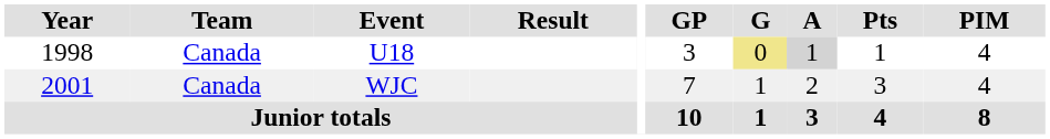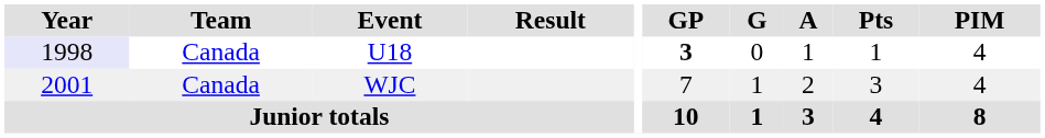 <table border="0" cellpadding="1" cellspacing="0" ID="Table3" style="text-align:center; width:40em">
 <tr ALIGN="center" bgcolor="#e0e0e0">
 <th>Year</th>
 <th>Team</th>
 <th>Event</th>
 <th>Result</th>
 <th rowspan="99" bgcolor="#ffffff"></th>
 <th>GP</th>
 <th>G</th>
 <th>A</th>
 <th>Pts</th>
 <th>PIM</th>
 </tr>
 <tr>
-<td>1998</td>
+<td style="background: lavender;">1998</td>
 <td><a href='#'>Canada</a></td>
 <td><a href='#'>U18</a></td>
 <td></td>
-<td>3</td>
-<td style="background: khaki;">0</td>
-<td style="background: lightgrey;">1</td>
+<td><strong>3</strong></td>
+<td>0</td>
+<td>1</td>
 <td>1</td>
 <td>4</td>
 </tr>
 <tr bgcolor="#f0f0f0">
 <td><a href='#'>2001</a></td>
 <td><a href='#'>Canada</a></td>
 <td><a href='#'>WJC</a></td>
 <td></td>
 <td>7</td>
 <td>1</td>
 <td>2</td>
 <td>3</td>
 <td>4</td>
 </tr>
 <tr bgcolor="#e0e0e0">
 <th colspan="4">Junior totals</th>
 <th>10</th>
 <th>1</th>
 <th>3</th>
 <th>4</th>
 <th>8</th>
 </tr>
 </table>
